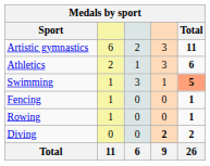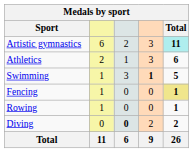 <table class="wikitable" style="font-size:90%; text-align:center;">
 <tr>
 <th colspan=5>Medals by sport</th>
 </tr>
 <tr>
 <th width=120>Sport</th>
 <th scope="col" width=30 style="background:#F7F6A8;"></th>
 <th scope="col" width=30 style="background:#DCE5E5;"></th>
 <th scope="col" width=30 style="background:#FFDAB9;"></th>
 <th width=30>Total</th>
 </tr>
 <tr>
 <td align=left><a href='#'>Artistic gymnastics</a></td>
 <td style="background:#F7F6A8;">6</td>
 <td style="background:#DCE5E5;">2</td>
 <td style="background:#FFDAB9;">3</td>
-<td><strong>11</strong></td>
+<td style="background: paleturquoise;"><strong>11</strong></td>
 </tr>
 <tr>
 <td align=left><a href='#'>Athletics</a></td>
 <td style="background:#F7F6A8;">2</td>
 <td style="background:#DCE5E5;">1</td>
 <td style="background:#FFDAB9;">3</td>
 <td><strong>6</strong></td>
 </tr>
 <tr>
 <td align=left><a href='#'>Swimming</a></td>
 <td style="background:#F7F6A8;">1</td>
 <td style="background:#DCE5E5;">3</td>
-<td style="background:#FFDAB9;">1</td>
-<td style="background: lightsalmon;"><strong>5</strong></td>
+<td style="background:#FFDAB9;"><strong>1</strong></td>
+<td><strong>5</strong></td>
 </tr>
 <tr>
 <td align=left><a href='#'>Fencing</a></td>
 <td style="background:#F7F6A8;">1</td>
 <td style="background:#DCE5E5;">0</td>
 <td style="background:#FFDAB9;">0</td>
-<td><strong>1</strong></td>
+<td style="background: khaki;"><strong>1</strong></td>
 </tr>
 <tr>
 <td align=left><a href='#'>Rowing</a></td>
 <td style="background:#F7F6A8;">1</td>
 <td style="background:#DCE5E5;">0</td>
 <td style="background:#FFDAB9;">0</td>
 <td><strong>1</strong></td>
 </tr>
 <tr>
 <td align=left><a href='#'>Diving</a></td>
 <td style="background:#F7F6A8;">0</td>
-<td style="background:#DCE5E5;">0</td>
-<td style="background:#FFDAB9;"><strong>2</strong></td>
+<td style="background:#DCE5E5;"><strong>0</strong></td>
+<td style="background:#FFDAB9;">2</td>
 <td><strong>2</strong></td>
 </tr>
 <tr class="sortbottom">
 <th>Total</th>
 <th>11</th>
 <th>6</th>
 <th>9</th>
 <th>26</th>
 </tr>
 </table>
